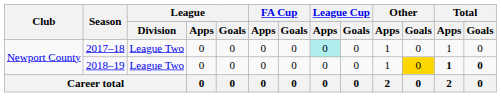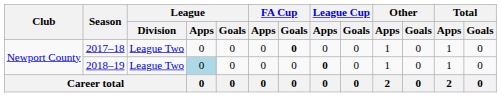 <table class="wikitable" style="text-align:center">
 <tr>
 <th rowspan="2">Club</th>
 <th rowspan="2">Season</th>
 <th colspan="3">League</th>
 <th colspan="2"><a href='#'>FA Cup</a></th>
 <th colspan="2"><a href='#'>League Cup</a></th>
 <th colspan="2">Other</th>
 <th colspan="2">Total</th>
 </tr>
 <tr>
 <th>Division</th>
 <th>Apps</th>
 <th>Goals</th>
 <th>Apps</th>
 <th>Goals</th>
 <th>Apps</th>
 <th>Goals</th>
 <th>Apps</th>
 <th>Goals</th>
 <th>Apps</th>
 <th>Goals</th>
 </tr>
 <tr>
 <td rowspan="2"><a href='#'>Newport County</a></td>
 <td><a href='#'>2017–18</a></td>
 <td><a href='#'>League Two</a></td>
 <td>0</td>
 <td>0</td>
 <td>0</td>
+<td><strong>0</strong></td>
 <td>0</td>
-<td style="background: paleturquoise;">0</td>
 <td>0</td>
 <td>1</td>
 <td>0</td>
 <td>1</td>
 <td>0</td>
 </tr>
 <tr>
 <td><a href='#'>2018–19</a></td>
 <td><a href='#'>League Two</a></td>
+<td style="background: lightblue;">0</td>
 <td>0</td>
 <td>0</td>
 <td>0</td>
-<td>0</td>
-<td>0</td>
+<td><strong>0</strong></td>
 <td>0</td>
 <td>1</td>
-<td style="background: gold;">0</td>
-<td><strong>1</strong></td>
-<td><strong>0</strong></td>
+<td>0</td>
+<td>1</td>
+<td>0</td>
 </tr>
 <tr>
 <th colspan="3">Career total</th>
 <th>0</th>
 <th>0</th>
 <th>0</th>
 <th>0</th>
 <th>0</th>
 <th>0</th>
 <th>2</th>
 <th>0</th>
 <th>2</th>
 <th>0</th>
 </tr>
 </table>
